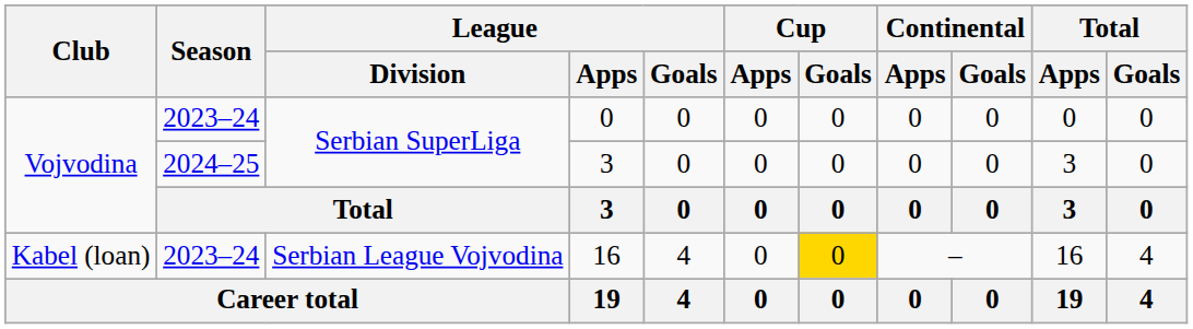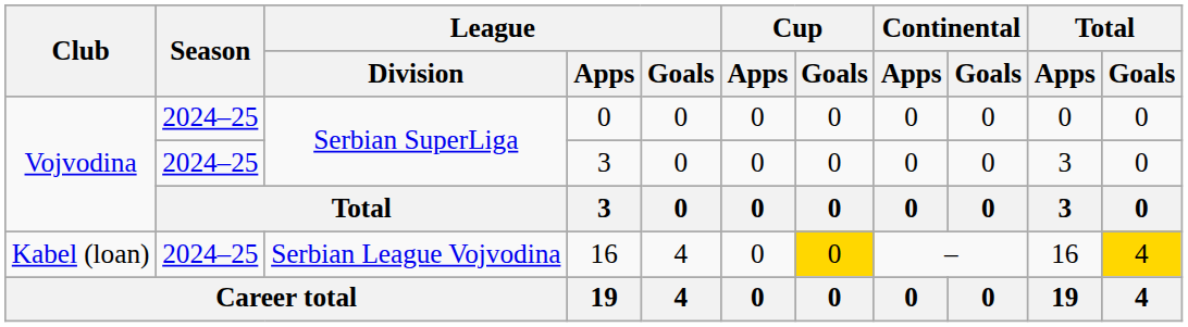 <table class="wikitable" style="text-align: center;font-size:90%">
 <tr>
 <th rowspan="2">Club</th>
 <th rowspan="2">Season</th>
 <th colspan="3">League</th>
 <th colspan="2">Cup</th>
 <th colspan="2">Continental</th>
 <th colspan="2">Total</th>
 </tr>
 <tr>
 <th>Division</th>
 <th>Apps</th>
 <th>Goals</th>
 <th>Apps</th>
 <th>Goals</th>
 <th>Apps</th>
 <th>Goals</th>
 <th>Apps</th>
 <th>Goals</th>
 </tr>
 <tr>
 <td rowspan="3"><a href='#'>Vojvodina</a></td>
-<td><a href='#'>2023–24</a></td>
+<td><a href='#'>2024–25</a></td>
 <td rowspan="2"><a href='#'>Serbian SuperLiga</a></td>
 <td>0</td>
 <td>0</td>
 <td>0</td>
 <td>0</td>
 <td>0</td>
 <td>0</td>
 <td>0</td>
 <td>0</td>
 </tr>
 <tr>
 <td><a href='#'>2024–25</a></td>
 <td>3</td>
 <td>0</td>
 <td>0</td>
 <td>0</td>
 <td>0</td>
 <td>0</td>
 <td>3</td>
 <td>0</td>
 </tr>
 <tr>
 <th colspan="2">Total</th>
 <th>3</th>
 <th>0</th>
 <th>0</th>
 <th>0</th>
 <th>0</th>
 <th>0</th>
 <th>3</th>
 <th>0</th>
 </tr>
 <tr>
 <td><a href='#'>Kabel</a> (loan)</td>
-<td><a href='#'>2023–24</a></td>
+<td><a href='#'>2024–25</a></td>
 <td><a href='#'>Serbian League Vojvodina</a></td>
 <td>16</td>
 <td>4</td>
 <td>0</td>
 <td style="background: gold;">0</td>
 <td colspan=2>–</td>
 <td>16</td>
-<td>4</td>
+<td style="background: gold;">4</td>
 </tr>
 <tr>
 <th colspan="3">Career total</th>
 <th>19</th>
 <th>4</th>
 <th>0</th>
 <th>0</th>
 <th>0</th>
 <th>0</th>
 <th>19</th>
 <th>4</th>
 </tr>
 </table>
